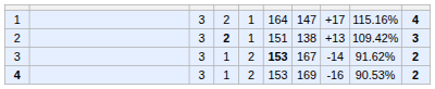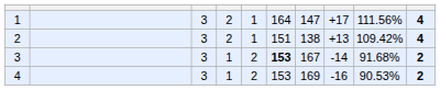 <table class="wikitable" style="text-align:center; font-size:95%">
 <tr>
 <th width="25"></th>
 <th width="200"></th>
 <th width="25"></th>
 <th width="25"></th>
 <th width="25"></th>
 <th width="30"></th>
 <th width="30"></th>
 <th width="30"></th>
 <th width="30"></th>
 <th width="30"></th>
 </tr>
 <tr style="background:#e6efff">
 <td>1</td>
 <td style="text-align:left"></td>
 <td>3</td>
 <td>2</td>
 <td>1</td>
 <td>164</td>
 <td>147</td>
 <td>+17</td>
-<td>115.16%</td>
+<td>111.56%</td>
 <td><strong>4</strong></td>
 </tr>
 <tr style="background:#e6efff">
 <td>2</td>
 <td style="text-align:left"></td>
 <td>3</td>
-<td><strong>2</strong></td>
+<td>2</td>
 <td>1</td>
 <td>151</td>
 <td>138</td>
 <td>+13</td>
 <td>109.42%</td>
-<td><strong>3</strong></td>
+<td><strong>4</strong></td>
 </tr>
 <tr style="background:#e6efff">
 <td>3</td>
 <td style="text-align:left"></td>
 <td>3</td>
 <td>1</td>
 <td>2</td>
 <td><strong>153</strong></td>
 <td>167</td>
 <td>-14</td>
-<td>91.62%</td>
+<td>91.68%</td>
 <td><strong>2</strong></td>
 </tr>
 <tr style="background:#e6efff">
-<td><strong>4</strong></td>
+<td>4</td>
 <td style="text-align:left"></td>
 <td>3</td>
 <td>1</td>
 <td>2</td>
 <td>153</td>
 <td>169</td>
 <td>-16</td>
 <td>90.53%</td>
 <td><strong>2</strong></td>
 </tr>
 </table>
